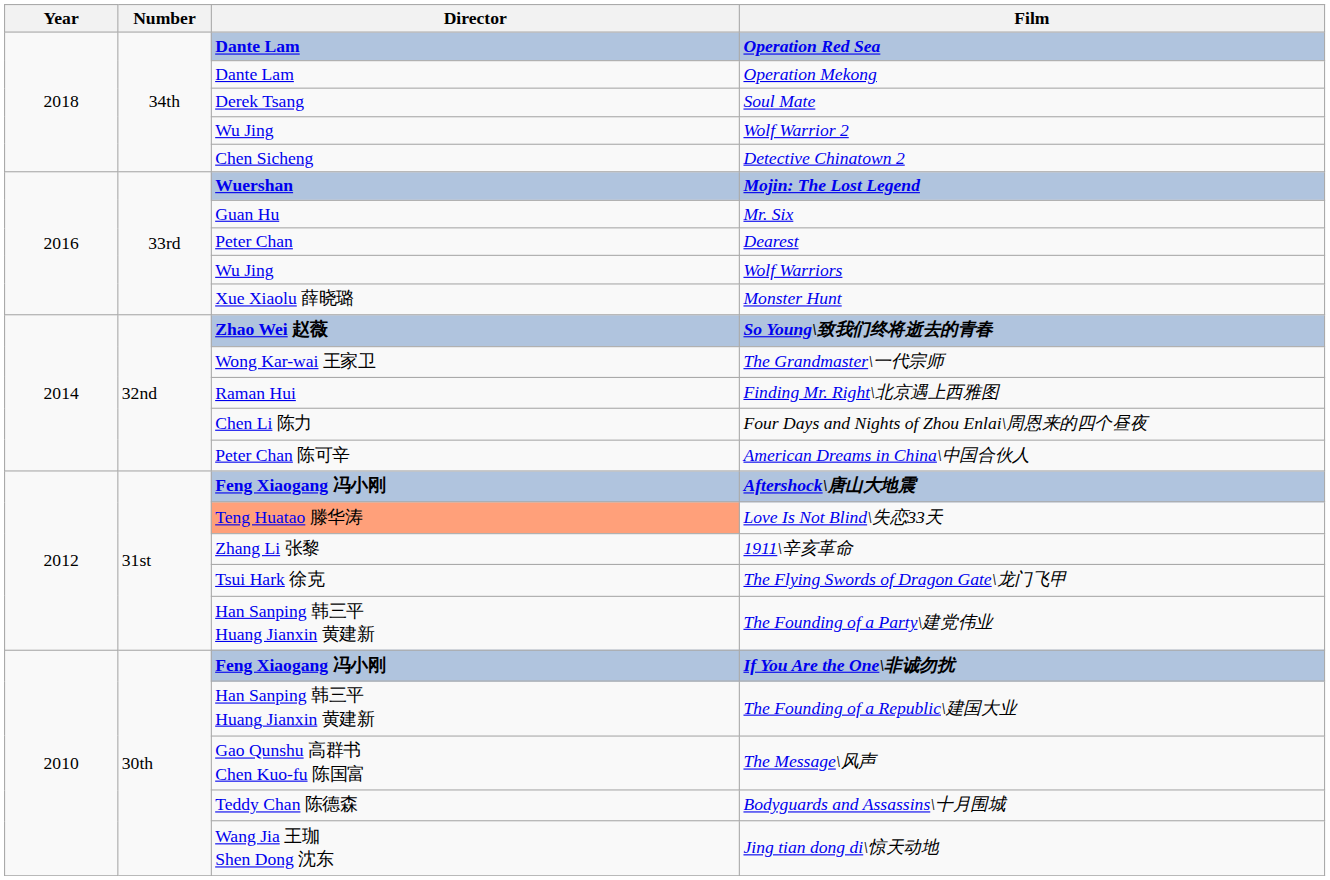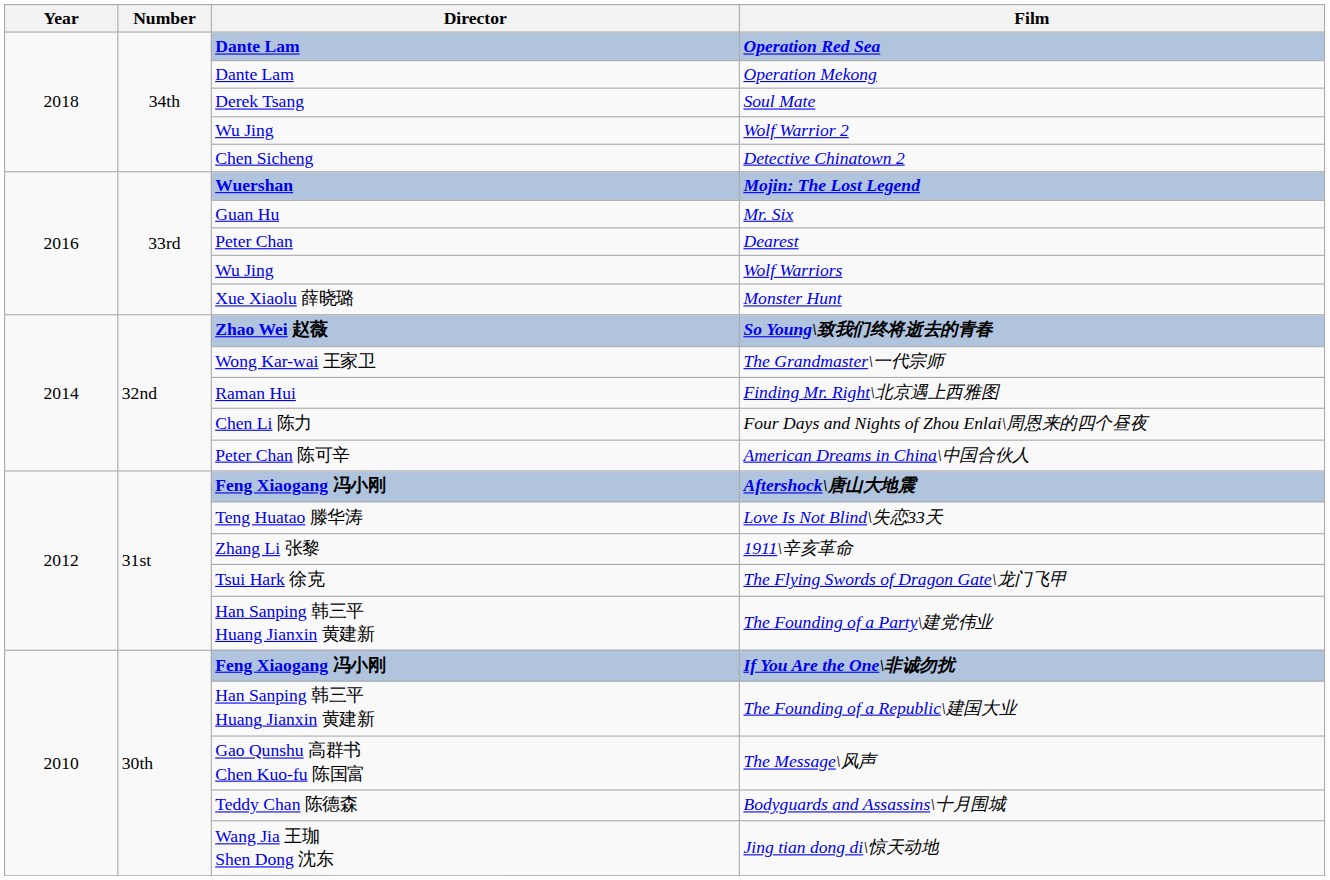 <table class="wikitable" width="95%" align="center">
 <tr>
 <th width="6%">Year</th>
 <th width="4%">Number</th>
 <th width="28%">Director</th>
 <th width="31%">Film</th>
 </tr>
 <tr>
 <td rowspan=5 style="text-align:center;">2018</td>
 <td rowspan=5 style="text-align:center;">34th</td>
 <td style="background:#B0C4DE;"><strong><a href='#'>Dante Lam</a></strong></td>
 <td style="background:#B0C4DE;"><strong><em><a href='#'>Operation Red Sea</a></em></strong></td>
 </tr>
 <tr>
 <td><a href='#'>Dante Lam</a></td>
 <td><em><a href='#'>Operation Mekong</a></em></td>
 </tr>
 <tr>
 <td><a href='#'>Derek Tsang</a></td>
 <td><em><a href='#'>Soul Mate</a></em></td>
 </tr>
 <tr>
 <td><a href='#'>Wu Jing</a></td>
 <td><em><a href='#'>Wolf Warrior 2</a></em></td>
 </tr>
 <tr>
 <td><a href='#'>Chen Sicheng</a></td>
 <td><em><a href='#'>Detective Chinatown 2</a></em></td>
 </tr>
 <tr>
 <td rowspan="5" style="text-align:center;">2016</td>
 <td rowspan="5" style="text-align:center;">33rd</td>
 <td style="background:#B0C4DE;"><strong><a href='#'>Wuershan</a></strong></td>
 <td style="background:#B0C4DE;"><strong><em><a href='#'>Mojin: The Lost Legend</a></em></strong></td>
 </tr>
 <tr>
 <td><a href='#'>Guan Hu</a></td>
 <td><em><a href='#'>Mr. Six</a></em></td>
 </tr>
 <tr>
 <td><a href='#'>Peter Chan</a></td>
 <td><em><a href='#'>Dearest</a></em></td>
 </tr>
 <tr>
 <td><a href='#'>Wu Jing</a></td>
 <td><em><a href='#'>Wolf Warriors</a></em></td>
 </tr>
 <tr>
 <td><a href='#'>Xue Xiaolu</a> 薛晓璐</td>
 <td><em><a href='#'>Monster Hunt</a></em></td>
 </tr>
 <tr>
 <td rowspan="5" style="text-align:center;">2014</td>
 <td rowspan="5">32nd</td>
 <td style="background:#B0C4DE;"><strong><a href='#'>Zhao Wei</a> 赵薇</strong></td>
 <td style="background:#B0C4DE;"><strong><em><a href='#'>So Young</a>\致我们终将逝去的青春</em></strong></td>
 </tr>
 <tr>
 <td><a href='#'>Wong Kar-wai</a> 王家卫</td>
 <td><em><a href='#'>The Grandmaster</a>\一代宗师</em></td>
 </tr>
 <tr>
 <td><a href='#'>Raman Hui</a></td>
 <td><em><a href='#'>Finding Mr. Right</a>\北京遇上西雅图</em></td>
 </tr>
 <tr>
 <td><a href='#'>Chen Li</a> 陈力</td>
 <td><em>Four Days and Nights of Zhou Enlai\周恩来的四个昼夜</em></td>
 </tr>
 <tr>
 <td><a href='#'>Peter Chan</a> 陈可辛</td>
 <td><em><a href='#'>American Dreams in China</a>\中国合伙人</em></td>
 </tr>
 <tr>
 <td rowspan="5" style="text-align:center;">2012</td>
 <td rowspan="5">31st</td>
 <td style="background:#B0C4DE;"><strong><a href='#'>Feng Xiaogang</a> 冯小刚</strong></td>
 <td style="background:#B0C4DE;"><strong><em><a href='#'>Aftershock</a>\唐山大地震</em></strong></td>
 </tr>
 <tr>
-<td style="background: lightsalmon;"><a href='#'>Teng Huatao</a> 滕华涛</td>
+<td><a href='#'>Teng Huatao</a> 滕华涛</td>
 <td><em><a href='#'>Love Is Not Blind</a>\失恋33天</em></td>
 </tr>
 <tr>
 <td><a href='#'>Zhang Li</a> 张黎</td>
 <td><em><a href='#'>1911</a>\辛亥革命</em></td>
 </tr>
 <tr>
 <td><a href='#'>Tsui Hark</a> 徐克</td>
 <td><em><a href='#'>The Flying Swords of Dragon Gate</a>\龙门飞甲</em></td>
 </tr>
 <tr>
 <td><a href='#'>Han Sanping</a> 韩三平<br><a href='#'>Huang Jianxin</a> 黄建新</td>
 <td><em><a href='#'>The Founding of a Party</a>\建党伟业</em></td>
 </tr>
 <tr>
 <td rowspan="5" style="text-align:center;">2010</td>
 <td rowspan="5">30th</td>
 <td style="background:#B0C4DE;"><strong><a href='#'>Feng Xiaogang</a> 冯小刚</strong></td>
 <td style="background:#B0C4DE;"><strong><em><a href='#'>If You Are the One</a>\非诚勿扰</em></strong></td>
 </tr>
 <tr>
 <td><a href='#'>Han Sanping</a> 韩三平<br><a href='#'>Huang Jianxin</a> 黄建新</td>
 <td><em><a href='#'>The Founding of a Republic</a>\建国大业</em></td>
 </tr>
 <tr>
 <td><a href='#'>Gao Qunshu</a> 高群书<br><a href='#'>Chen Kuo-fu</a> 陈国富</td>
 <td><em><a href='#'>The Message</a>\风声</em></td>
 </tr>
 <tr>
 <td><a href='#'>Teddy Chan</a> 陈德森</td>
 <td><em><a href='#'>Bodyguards and Assassins</a>\十月围城</em></td>
 </tr>
 <tr>
 <td><a href='#'>Wang Jia</a> 王珈<br><a href='#'>Shen Dong</a> 沈东</td>
 <td><em><a href='#'>Jing tian dong di</a>\惊天动地</em></td>
 </tr>
 </table>
